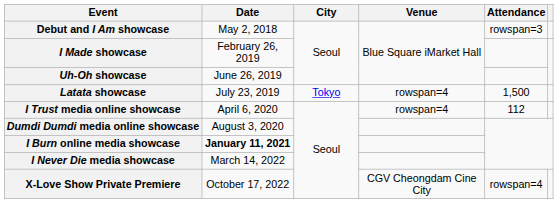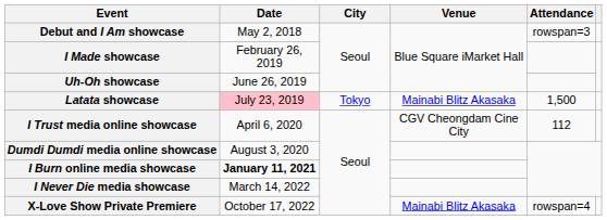 <table class="wikitable plainrowheaders" style="text-align:center;">
 <tr>
 <th scope="col">Event</th>
 <th scope="col" width="130">Date</th>
 <th scope="col" width="90">City</th>
 <th scope="col" width="180">Venue</th>
 <th scope="col">Attendance</th>
 <th scope="col" class="unsortable"></th>
 </tr>
 <tr>
 <th scope="row">Debut and <em>I Am</em> showcase</th>
 <td>May 2, 2018</td>
 <td rowspan=3>Seoul</td>
 <td rowspan=3>Blue Square iMarket Hall</td>
 <td>rowspan=3 </td>
 <td></td>
 </tr>
 <tr>
 <th scope="row"><em>I Made</em> showcase</th>
 <td>February 26, 2019</td>
 <td></td>
 </tr>
 <tr>
 <th scope="row"><em>Uh-Oh</em> showcase</th>
 <td>June 26, 2019</td>
 <td></td>
 </tr>
 <tr>
 <th scope="row"><em>Latata</em> showcase</th>
-<td>July 23, 2019</td>
+<td style="background: pink;">July 23, 2019</td>
 <td style="text-align:center;"><a href='#'>Tokyo</a></td>
-<td>rowspan=4 </td>
+<td><a href='#'>Mainabi Blitz Akasaka</a></td>
 <td>1,500</td>
 <td></td>
 </tr>
 <tr>
 <th scope="row"><em>I Trust</em> media online showcase</th>
 <td>April 6, 2020</td>
 <td rowspan=5>Seoul</td>
-<td>rowspan=4 </td>
+<td>CGV Cheongdam Cine City</td>
 <td>112</td>
 <td></td>
 </tr>
 <tr>
 <th scope="row"><em>Dumdi Dumdi</em> media online showcase</th>
 <td>August 3, 2020</td>
 <td></td>
 </tr>
 <tr>
 <th scope="row"><em>I Burn</em> online media showcase</th>
 <td><strong>January 11, 2021</strong></td>
 <td></td>
 </tr>
 <tr>
 <th scope="row"><em>I Never Die</em> media showcase</th>
 <td>March 14, 2022</td>
 <td></td>
 </tr>
 <tr>
 <th scope="row">X-Love Show Private Premiere</th>
 <td>October 17, 2022</td>
-<td>CGV Cheongdam Cine City</td>
+<td><a href='#'>Mainabi Blitz Akasaka</a></td>
 <td>rowspan=4 </td>
 <td></td>
 </tr>
 </table>
